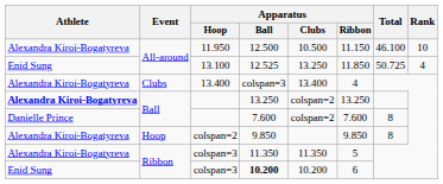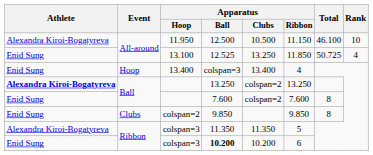 <table class=wikitable style=font-size:90%;text-align:center>
 <tr>
 <th rowspan=2>Athlete</th>
 <th rowspan=2>Event</th>
 <th colspan=4>Apparatus</th>
 <th rowspan=2>Total</th>
 <th rowspan=2>Rank</th>
 </tr>
 <tr style=font-size:95%>
 <th>Hoop</th>
 <th>Ball</th>
 <th>Clubs</th>
 <th>Ribbon</th>
 </tr>
 <tr>
 <td align=left><a href='#'>Alexandra Kiroi-Bogatyreva</a></td>
 <td align=left rowspan=2><a href='#'>All-around</a></td>
 <td>11.950</td>
 <td>12.500</td>
 <td>10.500</td>
 <td>11.150</td>
 <td>46.100</td>
 <td>10</td>
 </tr>
 <tr>
 <td align=left><a href='#'>Enid Sung</a></td>
 <td>13.100</td>
 <td>12.525</td>
 <td>13.250</td>
 <td>11.850</td>
 <td>50.725</td>
 <td>4</td>
 </tr>
 <tr>
-<td align=left><a href='#'>Alexandra Kiroi-Bogatyreva</a></td>
-<td align=left><a href='#'>Clubs</a></td>
+<td align=left><a href='#'>Enid Sung</a></td>
+<td align=left><a href='#'>Hoop</a></td>
 <td>13.400</td>
 <td>colspan=3 </td>
 <td>13.400</td>
 <td>4</td>
 </tr>
 <tr>
 <td align=left><strong><a href='#'>Alexandra Kiroi-Bogatyreva</a></strong></td>
 <td align=left rowspan=2><a href='#'>Ball</a></td>
 <td></td>
 <td>13.250</td>
 <td>colspan=2 </td>
 <td>13.250</td>
 <td></td>
 </tr>
 <tr>
-<td align=left><a href='#'>Danielle Prince</a></td>
+<td align=left><a href='#'>Enid Sung</a></td>
 <td></td>
 <td>7.600</td>
 <td>colspan=2 </td>
 <td>7.600</td>
 <td>8</td>
 </tr>
 <tr>
-<td align=left><a href='#'>Alexandra Kiroi-Bogatyreva</a></td>
-<td align=left><a href='#'>Hoop</a></td>
+<td align=left><a href='#'>Enid Sung</a></td>
+<td align=left><a href='#'>Clubs</a></td>
 <td>colspan=2 </td>
 <td>9.850</td>
 <td></td>
 <td>9.850</td>
 <td>8</td>
 </tr>
 <tr>
 <td align=left><a href='#'>Alexandra Kiroi-Bogatyreva</a></td>
 <td align=left rowspan=2><a href='#'>Ribbon</a></td>
 <td>colspan=3 </td>
 <td>11.350</td>
 <td>11.350</td>
 <td>5</td>
 </tr>
 <tr>
 <td align=left><a href='#'>Enid Sung</a></td>
 <td>colspan=3 </td>
 <td><strong>10.200</strong></td>
 <td>10.200</td>
 <td>6</td>
 </tr>
 </table>
